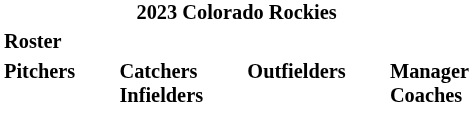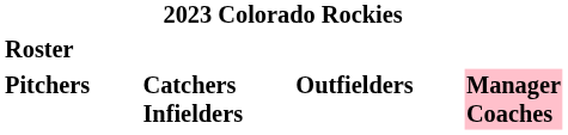 <table class="toccolours" style="font-size: 95%;">
 <tr>
 <th colspan="10">2023 Colorado Rockies</th>
 </tr>
 <tr>
 <td colspan="10"><strong>Roster</strong></td>
 </tr>
 <tr>
 <td valign="top"><strong>Pitchers</strong><br>                               </td>
 <td width="25px"></td>
 <td valign="top"><strong>Catchers</strong><br>    <strong>Infielders</strong>             </td>
 <td width="25px"></td>
 <td valign="top"><strong>Outfielders</strong><br>       </td>
 <td width="25px"></td>
-<td valign="top"><strong>Manager</strong><br> <strong>Coaches</strong>                    </td>
+<td valign="top" style="background: pink;"><strong>Manager</strong><br> <strong>Coaches</strong>                    </td>
 </tr>
 <tr>
 </tr>
 </table>
